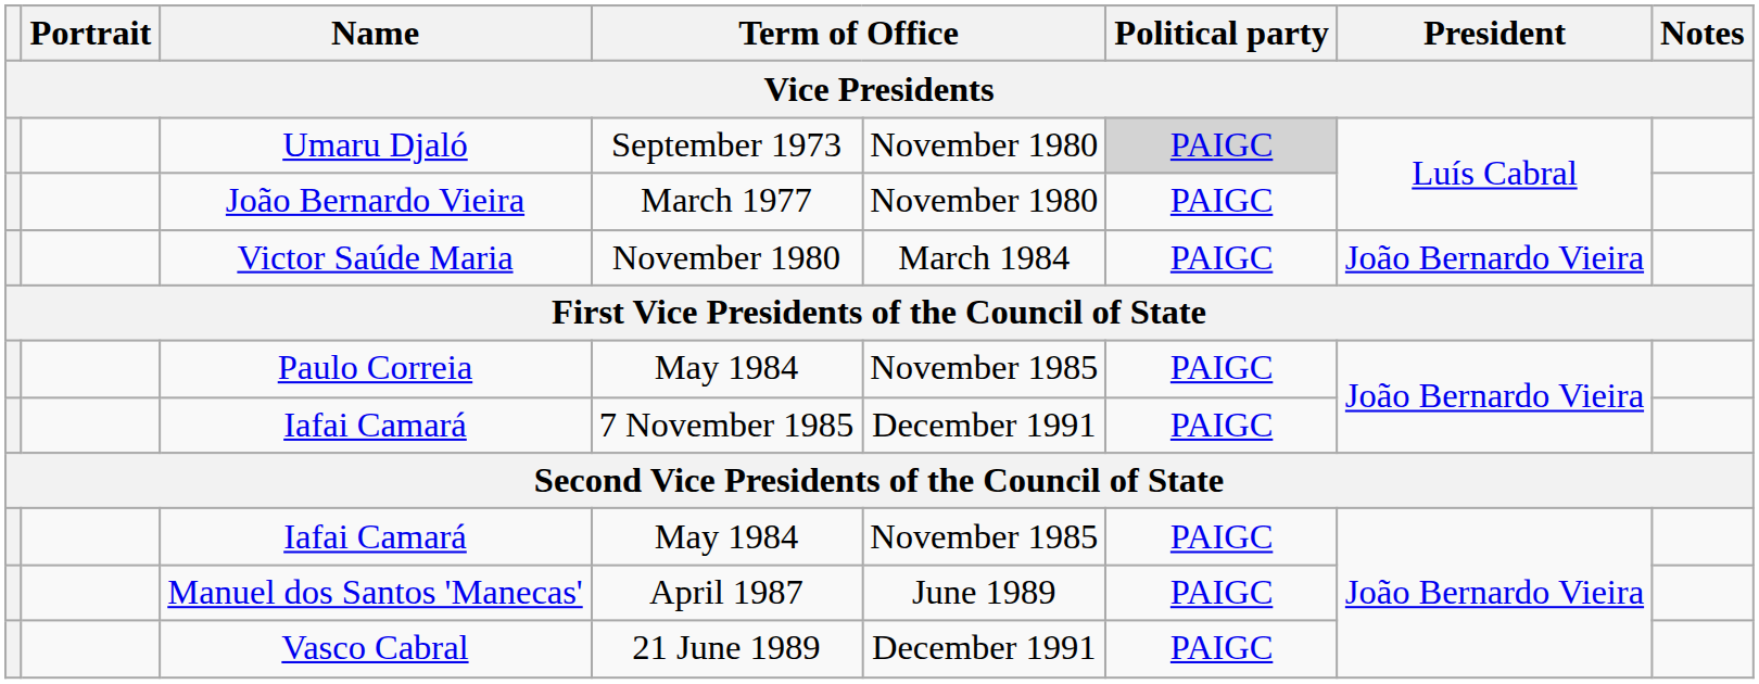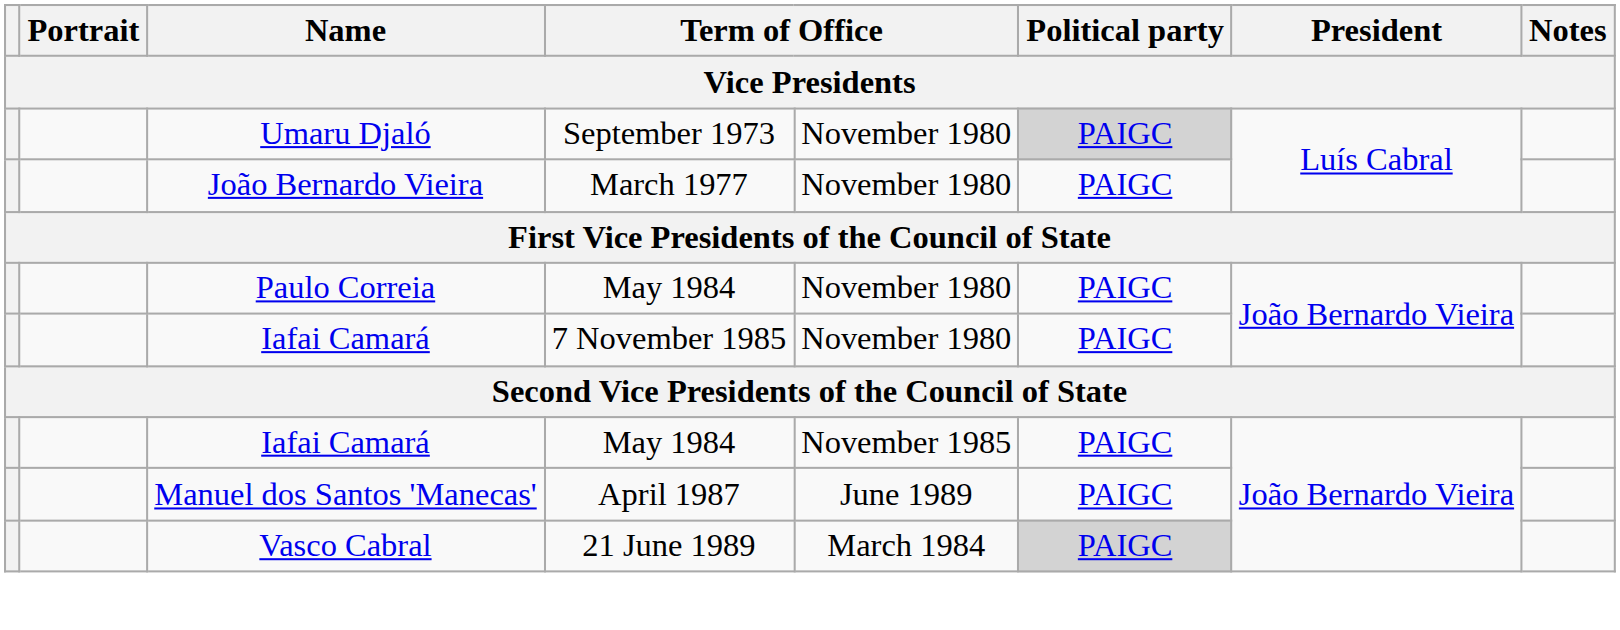 <table class="wikitable" style="text-align:center">
 <tr>
 <th></th>
 <th>Portrait</th>
 <th>Name<br></th>
 <th colspan="2">Term of Office</th>
 <th>Political party</th>
 <th>President</th>
 <th>Notes</th>
 </tr>
 <tr>
 <th colspan=8>Vice Presidents</th>
 </tr>
 <tr>
 <th style="background-color:"></th>
 <td></td>
 <td><a href='#'>Umaru Djaló</a><br></td>
 <td>September 1973</td>
 <td>November 1980</td>
 <td style="background: lightgrey;"><a href='#'>PAIGC</a></td>
 <td rowspan=2><a href='#'>Luís Cabral</a></td>
 <td></td>
 </tr>
 <tr>
 <th style="background-color:"></th>
 <td></td>
 <td><a href='#'>João Bernardo Vieira</a><br></td>
 <td>March 1977</td>
 <td>November 1980</td>
 <td><a href='#'>PAIGC</a></td>
 <td></td>
 </tr>
 <tr>
-<th style="background-color:"></th>
-<td></td>
-<td><a href='#'>Victor Saúde Maria</a><br></td>
-<td>November 1980</td>
-<td>March 1984</td>
-<td><a href='#'>PAIGC</a></td>
-<td><a href='#'>João Bernardo Vieira</a></td>
-<td></td>
-</tr>
-<tr>
 <th colspan=8>First Vice Presidents of the Council of State</th>
 </tr>
 <tr>
 <th style="background-color:"></th>
 <td></td>
 <td><a href='#'>Paulo Correia</a><br></td>
 <td>May 1984</td>
-<td>November 1985</td>
+<td>November 1980</td>
 <td><a href='#'>PAIGC</a></td>
 <td rowspan=2><a href='#'>João Bernardo Vieira</a></td>
 <td></td>
 </tr>
 <tr>
 <th style="background-color:"></th>
 <td></td>
 <td><a href='#'>Iafai Camará</a><br></td>
 <td>7 November 1985</td>
-<td>December 1991</td>
+<td>November 1980</td>
 <td><a href='#'>PAIGC</a></td>
 <td></td>
 </tr>
 <tr>
 <th colspan=8>Second Vice Presidents of the Council of State</th>
 </tr>
 <tr>
 <th style="background-color:"></th>
 <td></td>
 <td><a href='#'>Iafai Camará</a><br></td>
 <td>May 1984</td>
 <td>November 1985</td>
 <td><a href='#'>PAIGC</a></td>
 <td rowspan=3><a href='#'>João Bernardo Vieira</a></td>
 <td></td>
 </tr>
 <tr>
 <th style="background-color:"></th>
 <td></td>
 <td><a href='#'>Manuel dos Santos 'Manecas'</a><br></td>
 <td>April 1987</td>
 <td>June 1989</td>
 <td><a href='#'>PAIGC</a></td>
 <td></td>
 </tr>
 <tr>
 <th style="background-color:"></th>
 <td></td>
 <td><a href='#'>Vasco Cabral</a><br></td>
 <td>21 June 1989</td>
-<td>December 1991</td>
-<td><a href='#'>PAIGC</a></td>
+<td>March 1984</td>
+<td style="background: lightgrey;"><a href='#'>PAIGC</a></td>
 <td></td>
 </tr>
 </table>
